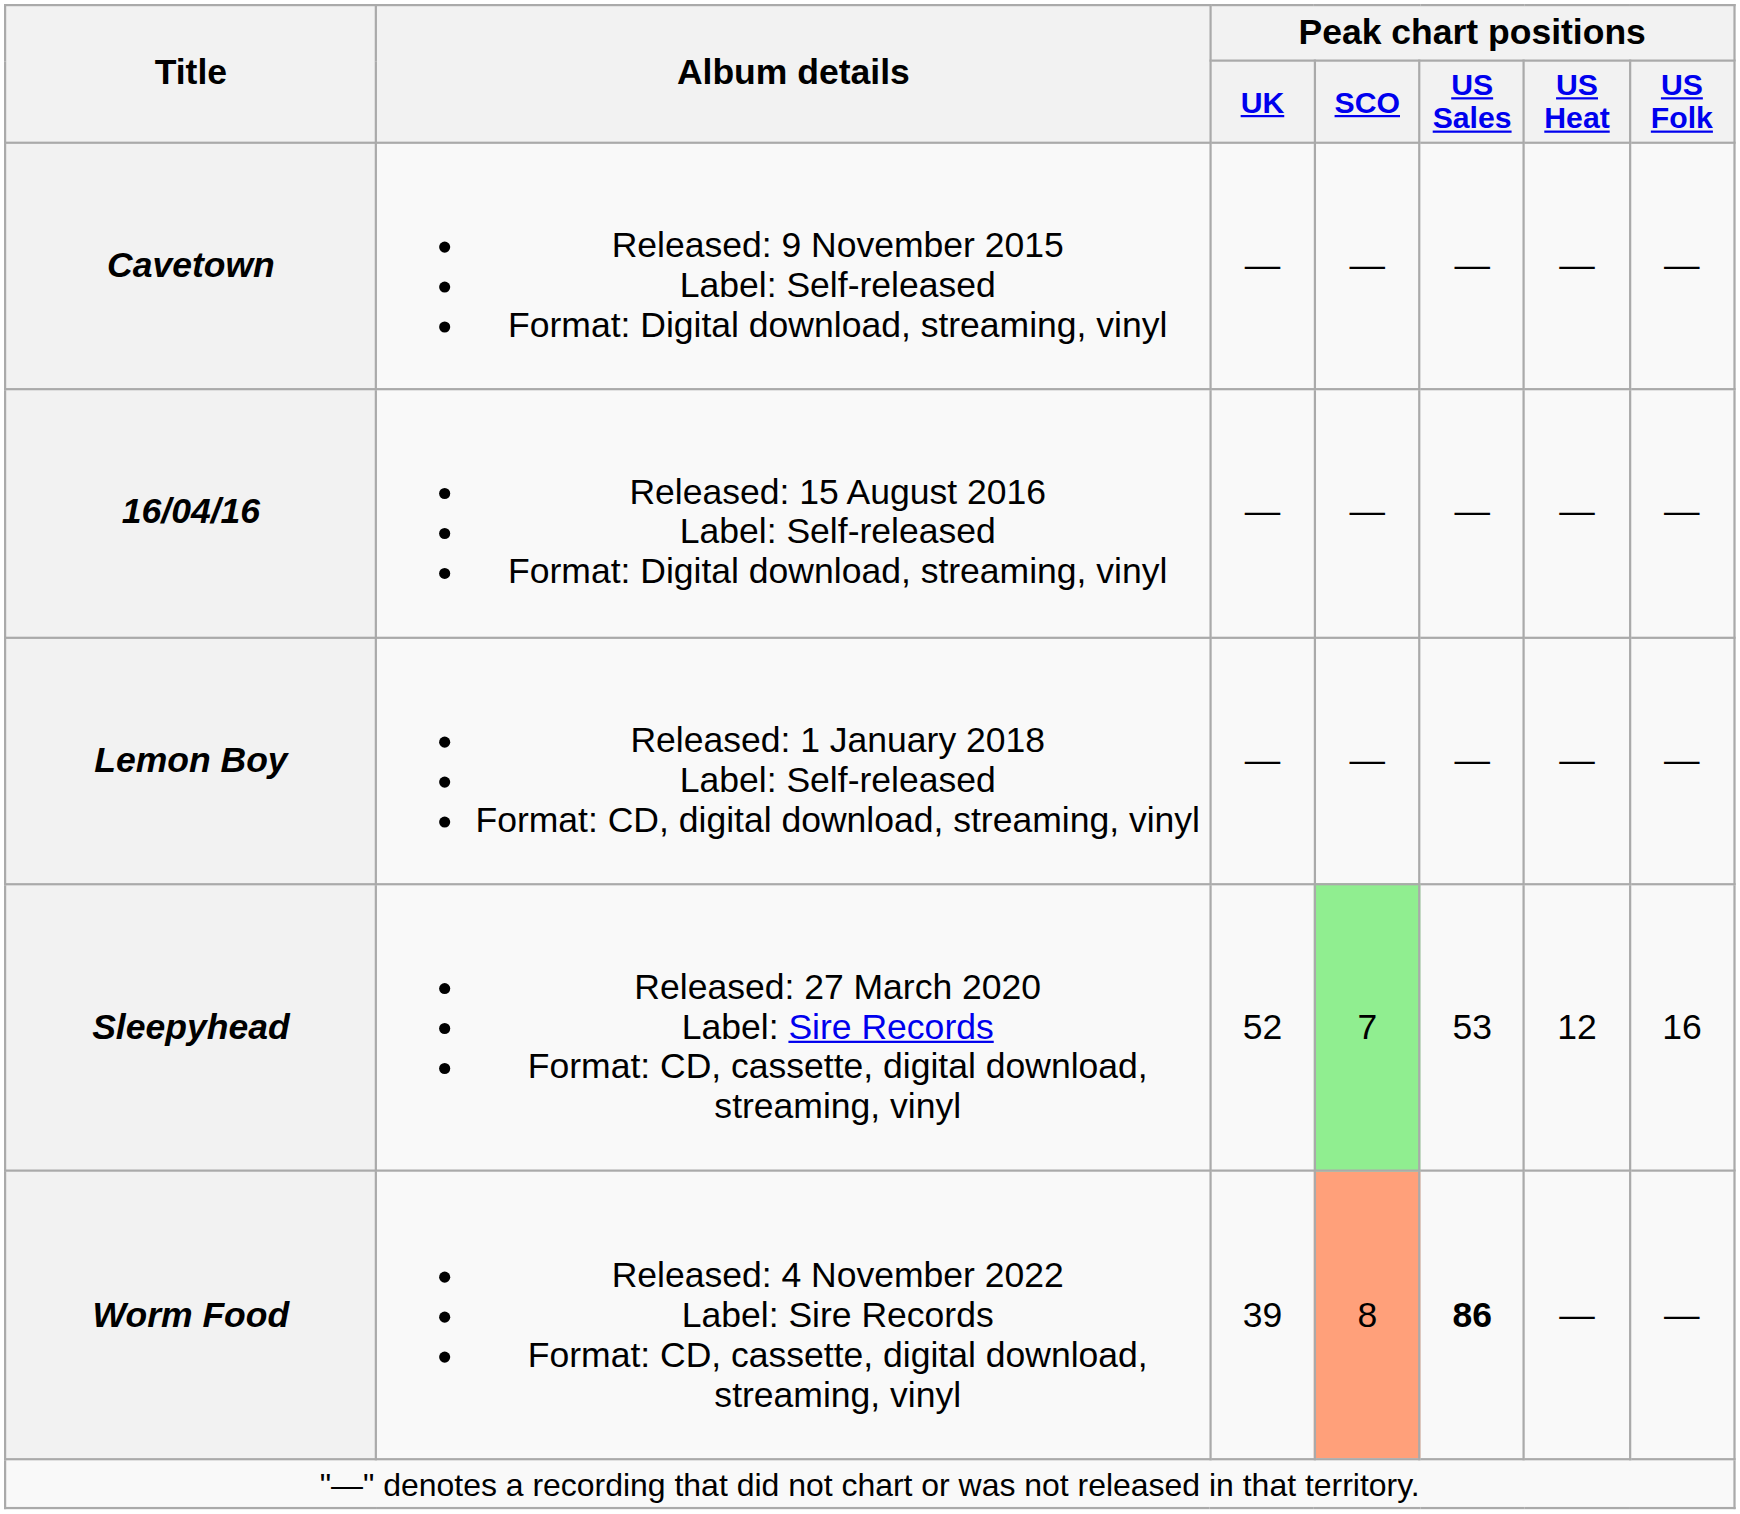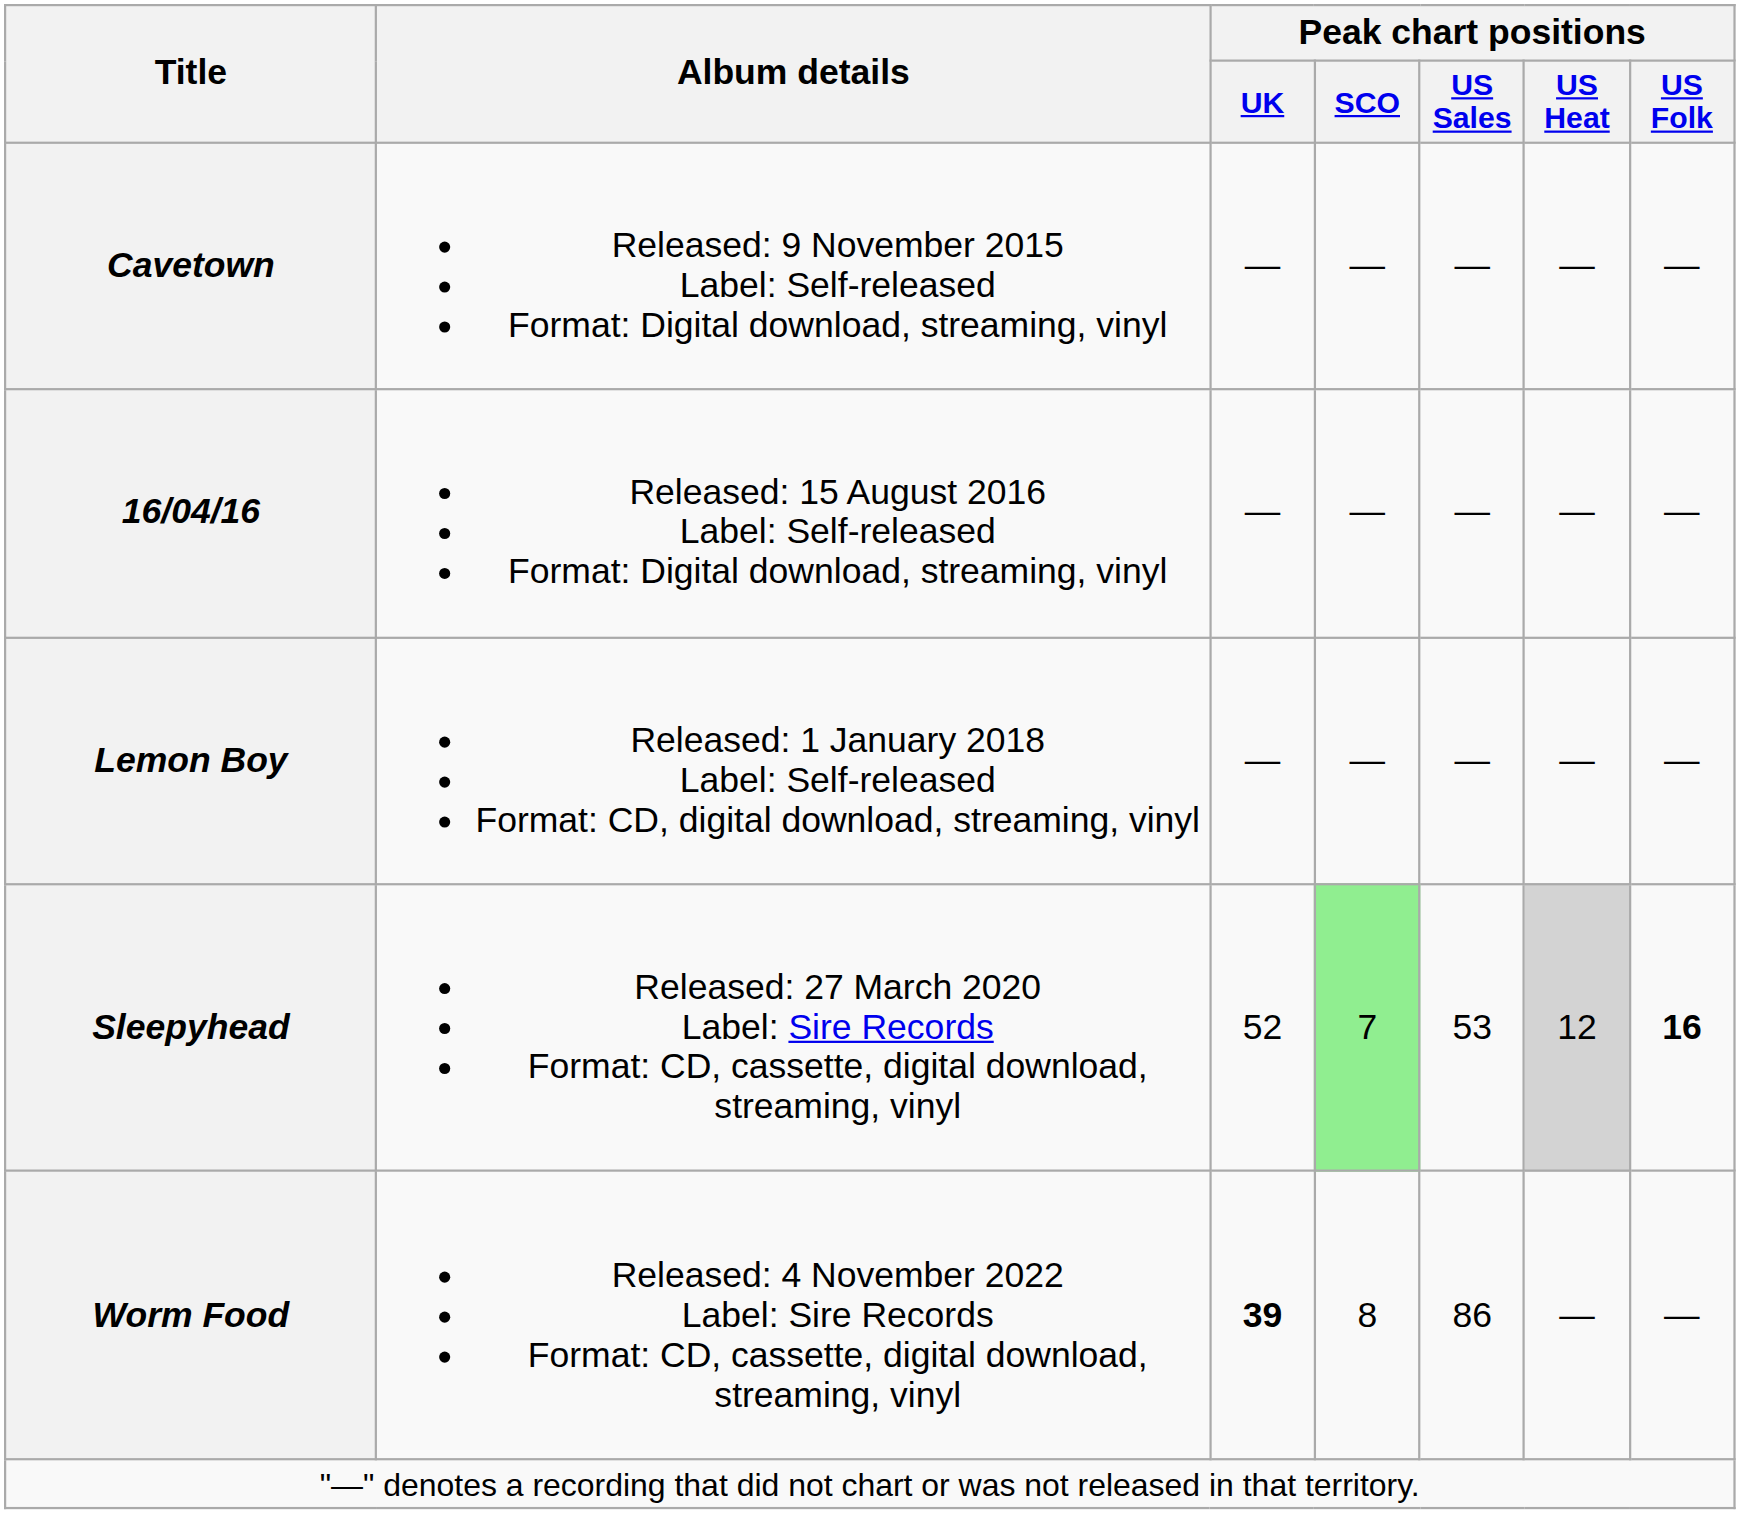 <table class="wikitable plainrowheaders" style="text-align:center">
 <tr>
 <th scope="col" rowspan="2" style="width:10em;">Title</th>
 <th scope="col" rowspan="2" style="width:23em;">Album details</th>
 <th colspan="5" scope="col">Peak chart positions<br></th>
 </tr>
 <tr>
 <th scope="col" style="width:3em;font-size:85%;"><a href='#'>UK</a><br></th>
 <th scope="col" style="width:3em;font-size:85%;"><a href='#'>SCO</a><br></th>
 <th scope="col" style="width:3em;font-size:85%;"><a href='#'>US<br>Sales</a><br></th>
 <th scope="col" style="width:3em;font-size:85%;"><a href='#'>US<br>Heat</a><br></th>
 <th scope="col" style="width:3em;font-size:85%;"><a href='#'>US<br>Folk</a><br></th>
 </tr>
 <tr>
 <th scope="row"><em>Cavetown</em></th>
 <td><br><ul><li>Released: 9 November 2015</li><li>Label: Self-released</li><li>Format: Digital download, streaming, vinyl</li></ul></td>
 <td>—</td>
 <td>—</td>
 <td>—</td>
 <td>—</td>
 <td>—</td>
 </tr>
 <tr>
 <th scope="row"><em>16/04/16</em></th>
 <td><br><ul><li>Released: 15 August 2016</li><li>Label: Self-released</li><li>Format: Digital download, streaming, vinyl</li></ul></td>
 <td>—</td>
 <td>—</td>
 <td>—</td>
 <td>—</td>
 <td>—</td>
 </tr>
 <tr>
 <th scope="row"><em>Lemon Boy</em></th>
 <td><br><ul><li>Released: 1 January 2018</li><li>Label: Self-released</li><li>Format: CD, digital download, streaming, vinyl</li></ul></td>
 <td>—</td>
 <td>—</td>
 <td>—</td>
 <td>—</td>
 <td>—</td>
 </tr>
 <tr>
 <th scope="row"><em>Sleepyhead</em></th>
 <td><br><ul><li>Released: 27 March 2020</li><li>Label: <a href='#'>Sire Records</a></li><li>Format: CD, cassette, digital download, streaming, vinyl</li></ul></td>
 <td>52</td>
 <td style="background: lightgreen;">7</td>
 <td>53</td>
-<td>12</td>
-<td>16</td>
+<td style="background: lightgrey;">12</td>
+<td><strong>16</strong></td>
 </tr>
 <tr>
 <th scope="row"><em>Worm Food</em></th>
 <td><br><ul><li>Released: 4 November 2022</li><li>Label: Sire Records</li><li>Format: CD, cassette, digital download, streaming, vinyl</li></ul></td>
-<td>39</td>
-<td style="background: lightsalmon;">8</td>
-<td><strong>86</strong></td>
+<td><strong>39</strong></td>
+<td>8</td>
+<td>86</td>
 <td>—</td>
 <td>—</td>
 </tr>
 <tr>
 <td colspan="16" style="font-size:90%">"—" denotes a recording that did not chart or was not released in that territory.</td>
 </tr>
 </table>
